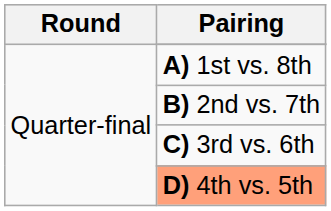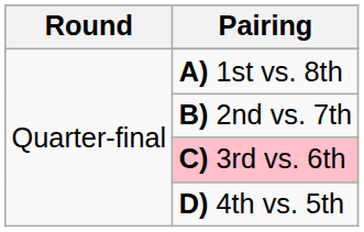 <table class="wikitable">
 <tr>
 <th>Round</th>
 <th>Pairing</th>
 </tr>
 <tr>
 <td rowspan=5>Quarter-final</td>
 </tr>
 <tr>
 <td><strong>A)</strong> 1st vs. 8th</td>
 </tr>
 <tr>
 <td><strong>B)</strong> 2nd vs. 7th</td>
 </tr>
 <tr>
-<td><strong>C)</strong> 3rd vs. 6th</td>
+<td style="background: pink;"><strong>C)</strong> 3rd vs. 6th</td>
 </tr>
 <tr>
-<td style="background: lightsalmon;"><strong>D)</strong> 4th vs. 5th</td>
+<td><strong>D)</strong> 4th vs. 5th</td>
 </tr>
 </table>
